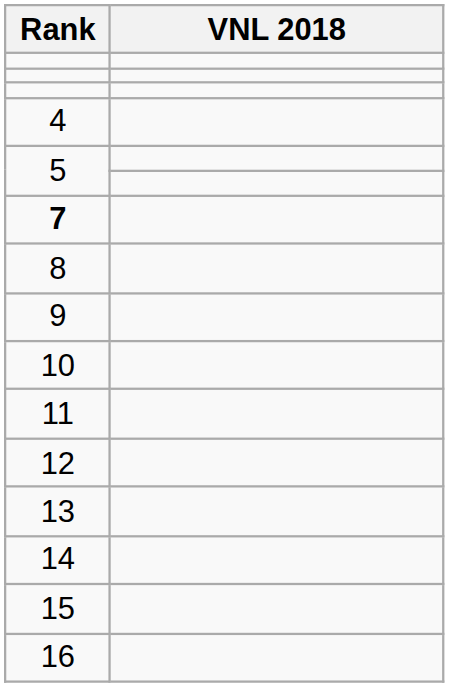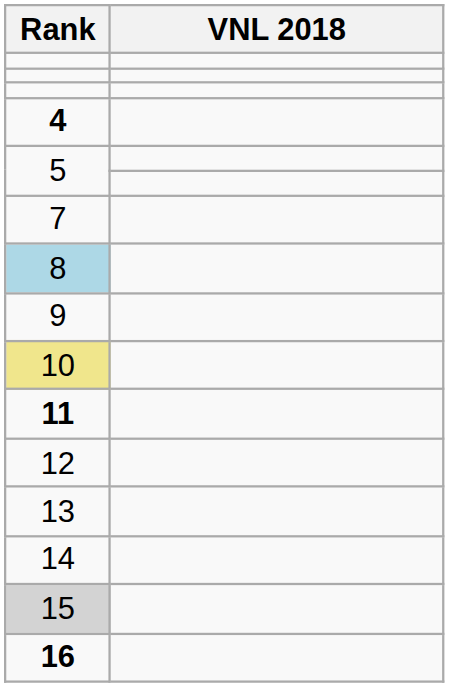 <table class="wikitable sortable" style="font-size:85%; text-align:center;">
 <tr>
 <th width=40>Rank</th>
 <th width=140>VNL 2018</th>
 </tr>
 <tr>
 <td></td>
 <td style="text-align:left;"></td>
 </tr>
 <tr>
 <td></td>
 <td style="text-align:left;"></td>
 </tr>
 <tr>
 <td></td>
 <td style="text-align:left;"></td>
 </tr>
 <tr>
-<td>4</td>
+<td><strong>4</strong></td>
 <td style="text-align:left;"></td>
 </tr>
 <tr>
 <td rowspan=2>5</td>
 <td style="text-align:left;"></td>
 </tr>
 <tr>
 <td style="text-align:left;"></td>
 </tr>
 <tr>
-<td><strong>7</strong></td>
+<td>7</td>
 <td style="text-align:left;"></td>
 </tr>
 <tr>
-<td>8</td>
+<td style="background: lightblue;">8</td>
 <td style="text-align:left;"></td>
 </tr>
 <tr>
 <td>9</td>
 <td style="text-align:left;"></td>
 </tr>
 <tr>
-<td>10</td>
+<td style="background: khaki;">10</td>
 <td style="text-align:left;"></td>
 </tr>
 <tr>
-<td>11</td>
+<td><strong>11</strong></td>
 <td style="text-align:left;"></td>
 </tr>
 <tr>
 <td>12</td>
 <td style="text-align:left;"></td>
 </tr>
 <tr>
 <td>13</td>
 <td style="text-align:left;"></td>
 </tr>
 <tr>
 <td>14</td>
 <td style="text-align:left;"></td>
 </tr>
 <tr>
-<td>15</td>
+<td style="background: lightgrey;">15</td>
 <td style="text-align:left;"></td>
 </tr>
 <tr>
-<td>16</td>
+<td><strong>16</strong></td>
 <td style="text-align:left;"></td>
 </tr>
 </table>
